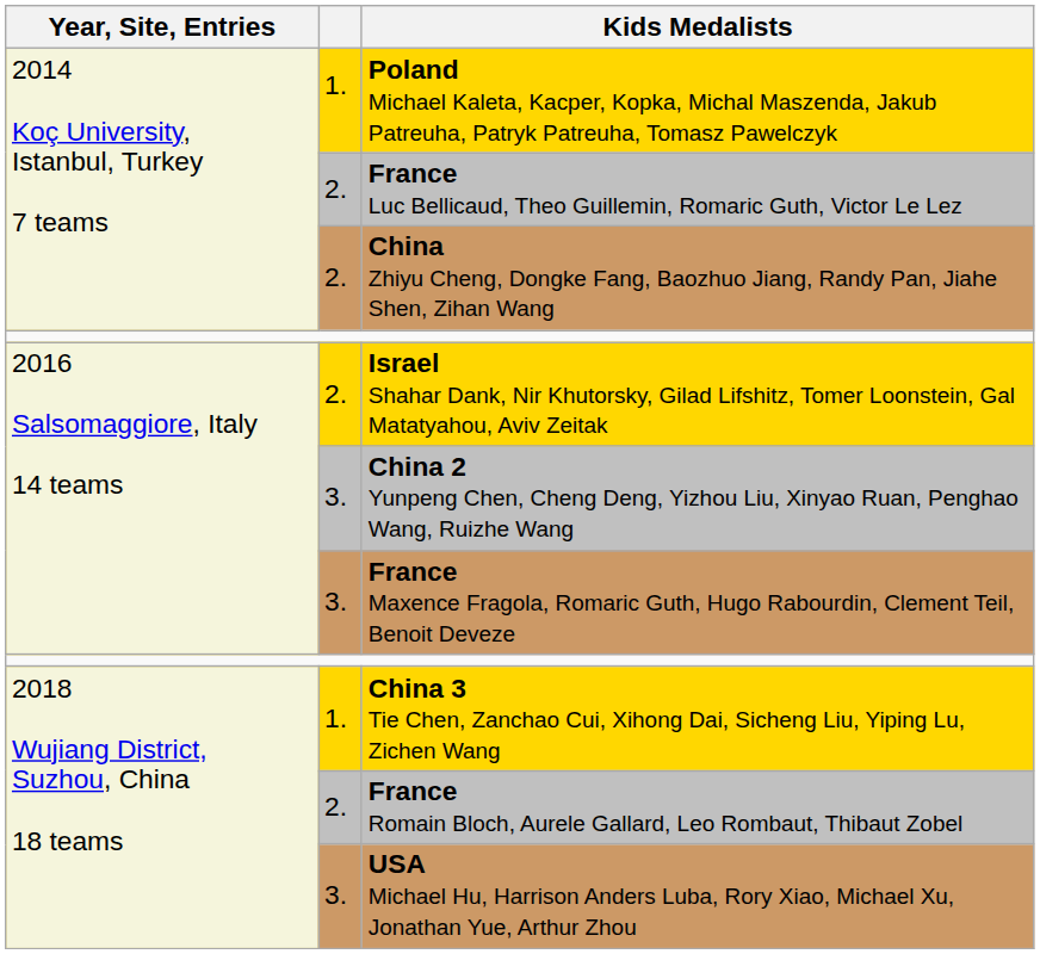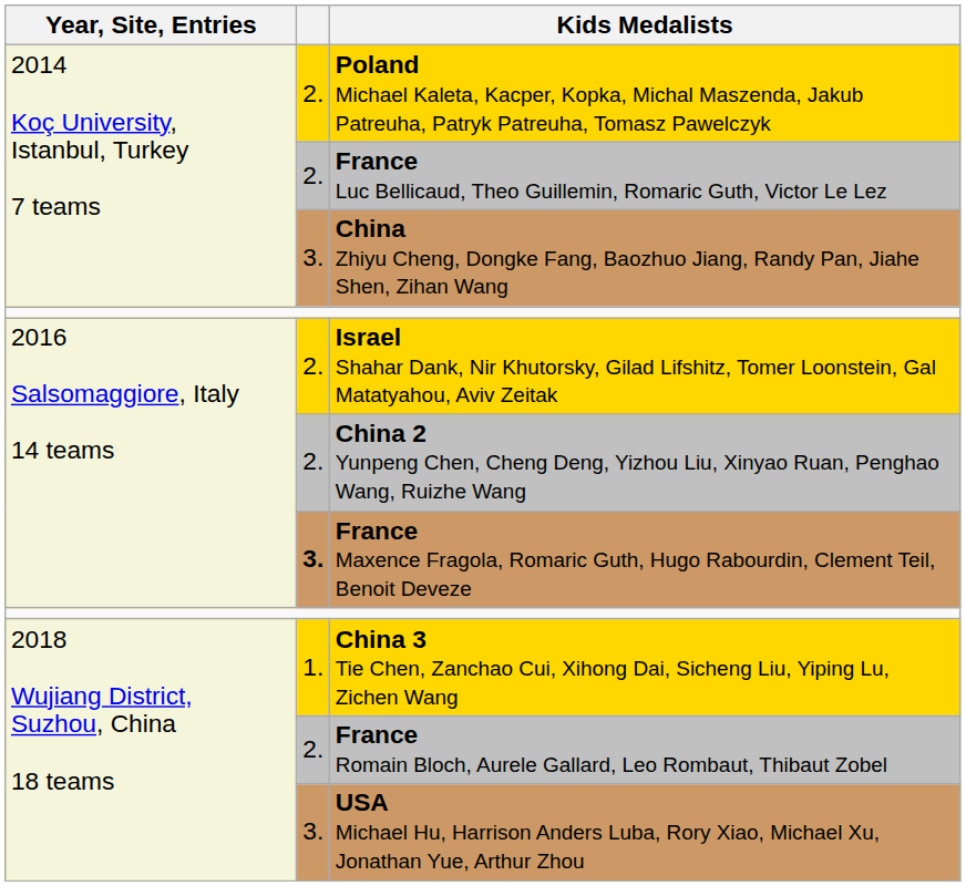 <table class=wikitable>
 <tr>
 <th>Year, Site, Entries</th>
 <th></th>
 <th>Kids Medalists</th>
 </tr>
 <tr bgcolor="gold">
 <td rowspan=3 bgcolor="beige" valign="Top">2014 <br><br><a href='#'>Koç University</a>, <br>Istanbul, Turkey <br> <br>7 teams</td>
-<td>1.  </td>
+<td>2.</td>
 <td> <strong>Poland</strong> <br><small>Michael Kaleta, Kacper, Kopka, Michal Maszenda, Jakub Patreuha, Patryk Patreuha, Tomasz Pawelczyk</small></td>
 </tr>
 <tr bgcolor="silver">
 <td>2.</td>
 <td> <strong>France</strong> <br><small>Luc Bellicaud, Theo Guillemin, Romaric Guth, Victor Le Lez</small></td>
 </tr>
 <tr bgcolor="cc9966">
-<td>2.</td>
+<td>3.</td>
 <td> <strong>China</strong> <br><small>Zhiyu Cheng, Dongke Fang, Baozhuo Jiang, Randy Pan, Jiahe Shen, Zihan Wang</small></td>
 </tr>
 <tr>
 <td colspan=3></td>
 </tr>
 <tr bgcolor="gold">
 <td rowspan=3 bgcolor="beige" valign="Top">2016 <br><br><a href='#'>Salsomaggiore</a>, Italy  <br> <br>14 teams</td>
 <td>2.</td>
 <td> <strong>Israel</strong> <br><small>Shahar Dank, Nir Khutorsky, Gilad Lifshitz, Tomer Loonstein, Gal Matatyahou, Aviv Zeitak</small></td>
 </tr>
 <tr bgcolor="silver">
-<td>3.</td>
+<td>2.</td>
 <td> <strong>China 2</strong> <br><small>Yunpeng Chen, Cheng Deng, Yizhou Liu, Xinyao Ruan, Penghao Wang, Ruizhe Wang</small></td>
 </tr>
 <tr bgcolor="cc9966">
-<td>3.</td>
+<td><strong>3.</strong></td>
 <td> <strong>France</strong> <br><small>Maxence Fragola, Romaric Guth, Hugo Rabourdin, Clement Teil, Benoit Deveze</small></td>
 </tr>
 <tr>
 <td colspan=3></td>
 </tr>
 <tr bgcolor="gold">
 <td rowspan=3 bgcolor="beige" valign="Top">2018 <br><br><a href='#'>Wujiang District, Suzhou</a>, China <br> <br>18 teams</td>
 <td>1.</td>
 <td> <strong>China 3</strong> <br><small>Tie Chen, Zanchao Cui, Xihong Dai, Sicheng Liu, Yiping Lu, Zichen Wang</small></td>
 </tr>
 <tr bgcolor="silver">
 <td>2.</td>
 <td> <strong>France</strong> <br><small>Romain Bloch, Aurele Gallard, Leo Rombaut, Thibaut Zobel</small></td>
 </tr>
 <tr bgcolor="cc9966">
 <td>3.</td>
 <td> <strong>USA</strong> <br><small>Michael Hu, Harrison Anders Luba, Rory Xiao, Michael Xu, Jonathan Yue, Arthur Zhou</small></td>
 </tr>
 <tr>
 </tr>
 </table>
